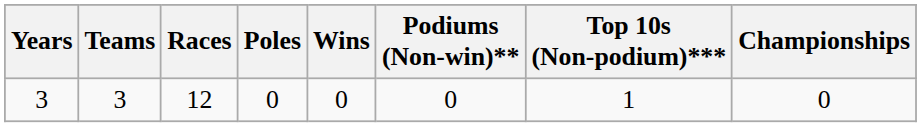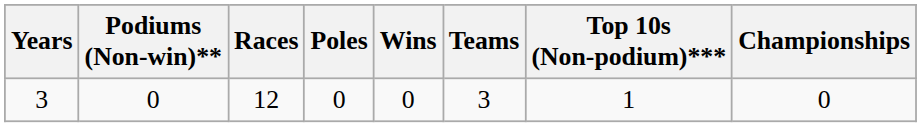 <table class="wikitable" style="text-align:center; font-size:90%">
 <tr>
 <th>Years</th>
-<th>Teams</th>
+<th>Podiums<br>(Non-win)**</th>
 <th>Races</th>
 <th>Poles</th>
 <th>Wins</th>
-<th>Podiums<br>(Non-win)**</th>
+<th>Teams</th>
 <th>Top 10s<br>(Non-podium)***</th>
 <th>Championships</th>
 </tr>
 <tr>
 <td>3</td>
-<td>3</td>
+<td>0</td>
 <td>12</td>
 <td>0</td>
 <td>0</td>
-<td>0</td>
+<td>3</td>
 <td>1</td>
 <td>0</td>
 </tr>
 </table>
